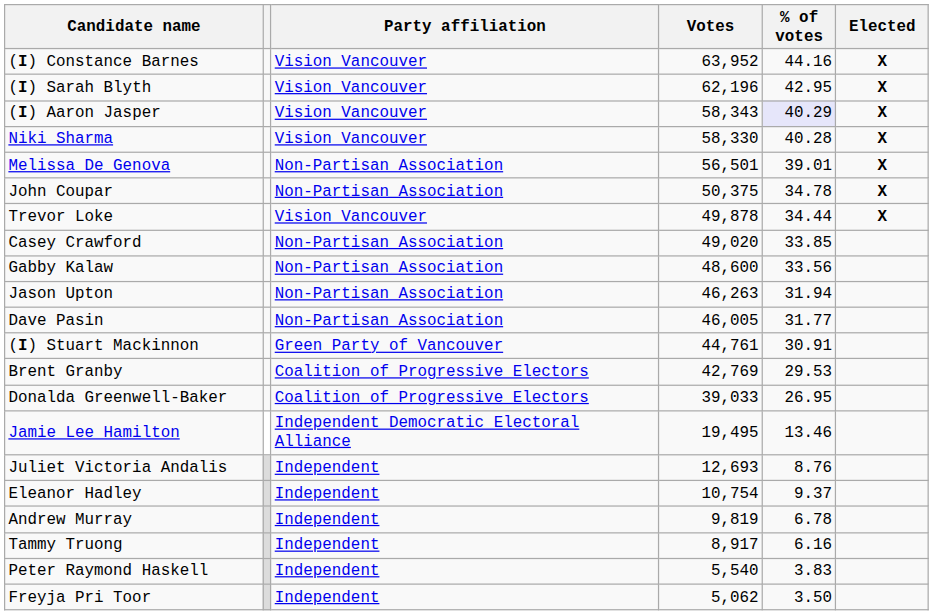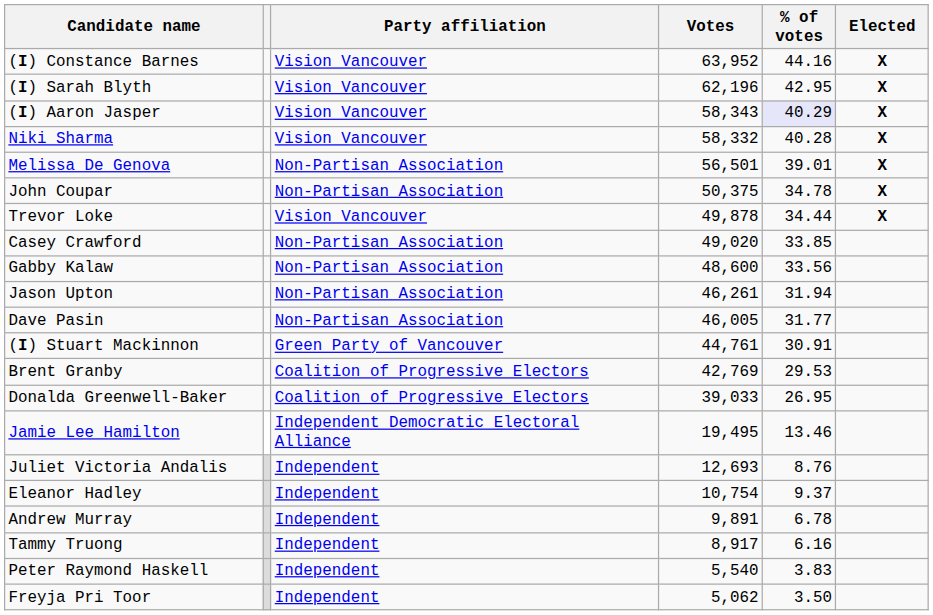 <table class="wikitable sortable" style="width: 60%;">
 <tr>
 <th style="width:20%;">Candidate name</th>
 <th style="width:0.05%;" class="unsortable"></th>
 <th style="width:30%;">Party affiliation</th>
 <th style="width:8%;">Votes</th>
 <th style="width:5%;">% of votes</th>
 <th style="width:5%;">Elected</th>
 </tr>
 <tr>
 <td data-sort-value="Barnes, Constance">(<strong>I</strong>) Constance Barnes</td>
 <td style="background:"></td>
 <td><a href='#'>Vision Vancouver</a></td>
 <td style="text-align: right;">63,952</td>
 <td style="text-align: right;">44.16</td>
 <td style="text-align: center;"><strong>X</strong></td>
 </tr>
 <tr>
 <td data-sort-value="Blyth, Sarah">(<strong>I</strong>) Sarah Blyth</td>
 <td style="background:"></td>
 <td><a href='#'>Vision Vancouver</a></td>
 <td style="text-align: right;">62,196</td>
 <td style="text-align: right;">42.95</td>
 <td style="text-align: center;"><strong>X</strong></td>
 </tr>
 <tr>
 <td data-sort-value="Jasper, Aaron">(<strong>I</strong>) Aaron Jasper</td>
 <td style="background:"></td>
 <td><a href='#'>Vision Vancouver</a></td>
 <td style="text-align: right;">58,343</td>
 <td style="background: lavender; text-align: right;">40.29</td>
 <td style="text-align: center;"><strong>X</strong></td>
 </tr>
 <tr>
 <td data-sort-value="Sharma, Niki"><a href='#'>Niki Sharma</a></td>
 <td style="background:"></td>
 <td><a href='#'>Vision Vancouver</a></td>
-<td style="text-align: right;">58,330</td>
+<td style="text-align: right;">58,332</td>
 <td style="text-align: right;">40.28</td>
 <td style="text-align: center;"><strong>X</strong></td>
 </tr>
 <tr>
 <td data-sort-value="De Genova, Melissa"><a href='#'>Melissa De Genova</a></td>
 <td style="background:"></td>
 <td><a href='#'>Non-Partisan Association</a></td>
 <td style="text-align: right;">56,501</td>
 <td style="text-align: right;">39.01</td>
 <td style="text-align: center;"><strong>X</strong></td>
 </tr>
 <tr>
 <td data-sort-value="Coupar, John">John Coupar</td>
 <td style="background:"></td>
 <td><a href='#'>Non-Partisan Association</a></td>
 <td style="text-align: right;">50,375</td>
 <td style="text-align: right;">34.78</td>
 <td style="text-align: center;"><strong>X</strong></td>
 </tr>
 <tr>
 <td data-sort-value="Loke, Trevor">Trevor Loke</td>
 <td style="background:"></td>
 <td><a href='#'>Vision Vancouver</a></td>
 <td style="text-align: right;">49,878</td>
 <td style="text-align: right;">34.44</td>
 <td style="text-align: center;"><strong>X</strong></td>
 </tr>
 <tr>
 <td data-sort-value="Crawford, Casey">Casey Crawford</td>
 <td style="background:"></td>
 <td><a href='#'>Non-Partisan Association</a></td>
 <td style="text-align: right;">49,020</td>
 <td style="text-align: right;">33.85</td>
 <td></td>
 </tr>
 <tr>
 <td data-sort-value="Kalaw, Gabby">Gabby Kalaw</td>
 <td style="background:"></td>
 <td><a href='#'>Non-Partisan Association</a></td>
 <td style="text-align: right;">48,600</td>
 <td style="text-align: right;">33.56</td>
 <td></td>
 </tr>
 <tr>
 <td data-sort-value="Upton, Jason">Jason Upton</td>
 <td style="background:"></td>
 <td><a href='#'>Non-Partisan Association</a></td>
-<td style="text-align: right;">46,263</td>
+<td style="text-align: right;">46,261</td>
 <td style="text-align: right;">31.94</td>
 <td></td>
 </tr>
 <tr>
 <td data-sort-value="Pasin, Dave">Dave Pasin</td>
 <td style="background:"></td>
 <td><a href='#'>Non-Partisan Association</a></td>
 <td style="text-align: right;">46,005</td>
 <td style="text-align: right;">31.77</td>
 <td></td>
 </tr>
 <tr>
 <td data-sort-value="Mackinnon, Stuart">(<strong>I</strong>) Stuart Mackinnon</td>
 <td style="background:"></td>
 <td><a href='#'>Green Party of Vancouver</a></td>
 <td style="text-align: right;">44,761</td>
 <td style="text-align: right;">30.91</td>
 <td></td>
 </tr>
 <tr>
 <td data-sort-value="Granby, Brent">Brent Granby</td>
 <td style="background:"></td>
 <td><a href='#'>Coalition of Progressive Electors</a></td>
 <td style="text-align: right;">42,769</td>
 <td style="text-align: right;">29.53</td>
 <td></td>
 </tr>
 <tr>
 <td data-sort-value="Greenwell-Baker, Donalda">Donalda Greenwell-Baker</td>
 <td style="background:"></td>
 <td><a href='#'>Coalition of Progressive Electors</a></td>
 <td style="text-align: right;">39,033</td>
 <td style="text-align: right;">26.95</td>
 <td></td>
 </tr>
 <tr>
 <td data-sort-value="Hamilton, Jamie Lee"><a href='#'>Jamie Lee Hamilton</a></td>
 <td style="background:white;"></td>
 <td><a href='#'>Independent Democratic Electoral Alliance</a></td>
 <td style="text-align: right;">19,495</td>
 <td style="text-align: right;">13.46</td>
 <td></td>
 </tr>
 <tr>
 <td data-sort-value="Andalis, Juliet Victoria">Juliet Victoria Andalis</td>
 <td style="background:gainsboro;"></td>
 <td><a href='#'>Independent</a></td>
 <td style="text-align: right;">12,693</td>
 <td style="text-align: right;">8.76</td>
 <td></td>
 </tr>
 <tr>
 <td data-sort-value="Hadley, Eleanor">Eleanor Hadley</td>
 <td style="background:gainsboro;"></td>
 <td><a href='#'>Independent</a></td>
 <td style="text-align: right;">10,754</td>
 <td style="text-align: right;">9.37</td>
 <td></td>
 </tr>
 <tr>
 <td data-sort-value="Murray, Andrew">Andrew Murray</td>
 <td style="background:gainsboro;"></td>
 <td><a href='#'>Independent</a></td>
-<td style="text-align: right;">9,819</td>
+<td style="text-align: right;">9,891</td>
 <td style="text-align: right;">6.78</td>
 <td></td>
 </tr>
 <tr>
 <td data-sort-value="Truong, Tammy">Tammy Truong</td>
 <td style="background:gainsboro;"></td>
 <td><a href='#'>Independent</a></td>
 <td style="text-align: right;">8,917</td>
 <td style="text-align: right;">6.16</td>
 <td></td>
 </tr>
 <tr>
 <td data-sort-value="Haskell, Peter Raymond">Peter Raymond Haskell</td>
 <td style="background:gainsboro;"></td>
 <td><a href='#'>Independent</a></td>
 <td style="text-align: right;">5,540</td>
 <td style="text-align: right;">3.83</td>
 <td></td>
 </tr>
 <tr>
 <td data-sort-value="Pri Toor, Freyja">Freyja Pri Toor</td>
 <td style="background:gainsboro;"></td>
 <td><a href='#'>Independent</a></td>
 <td style="text-align: right;">5,062</td>
 <td style="text-align: right;">3.50</td>
 <td></td>
 </tr>
 </table>
